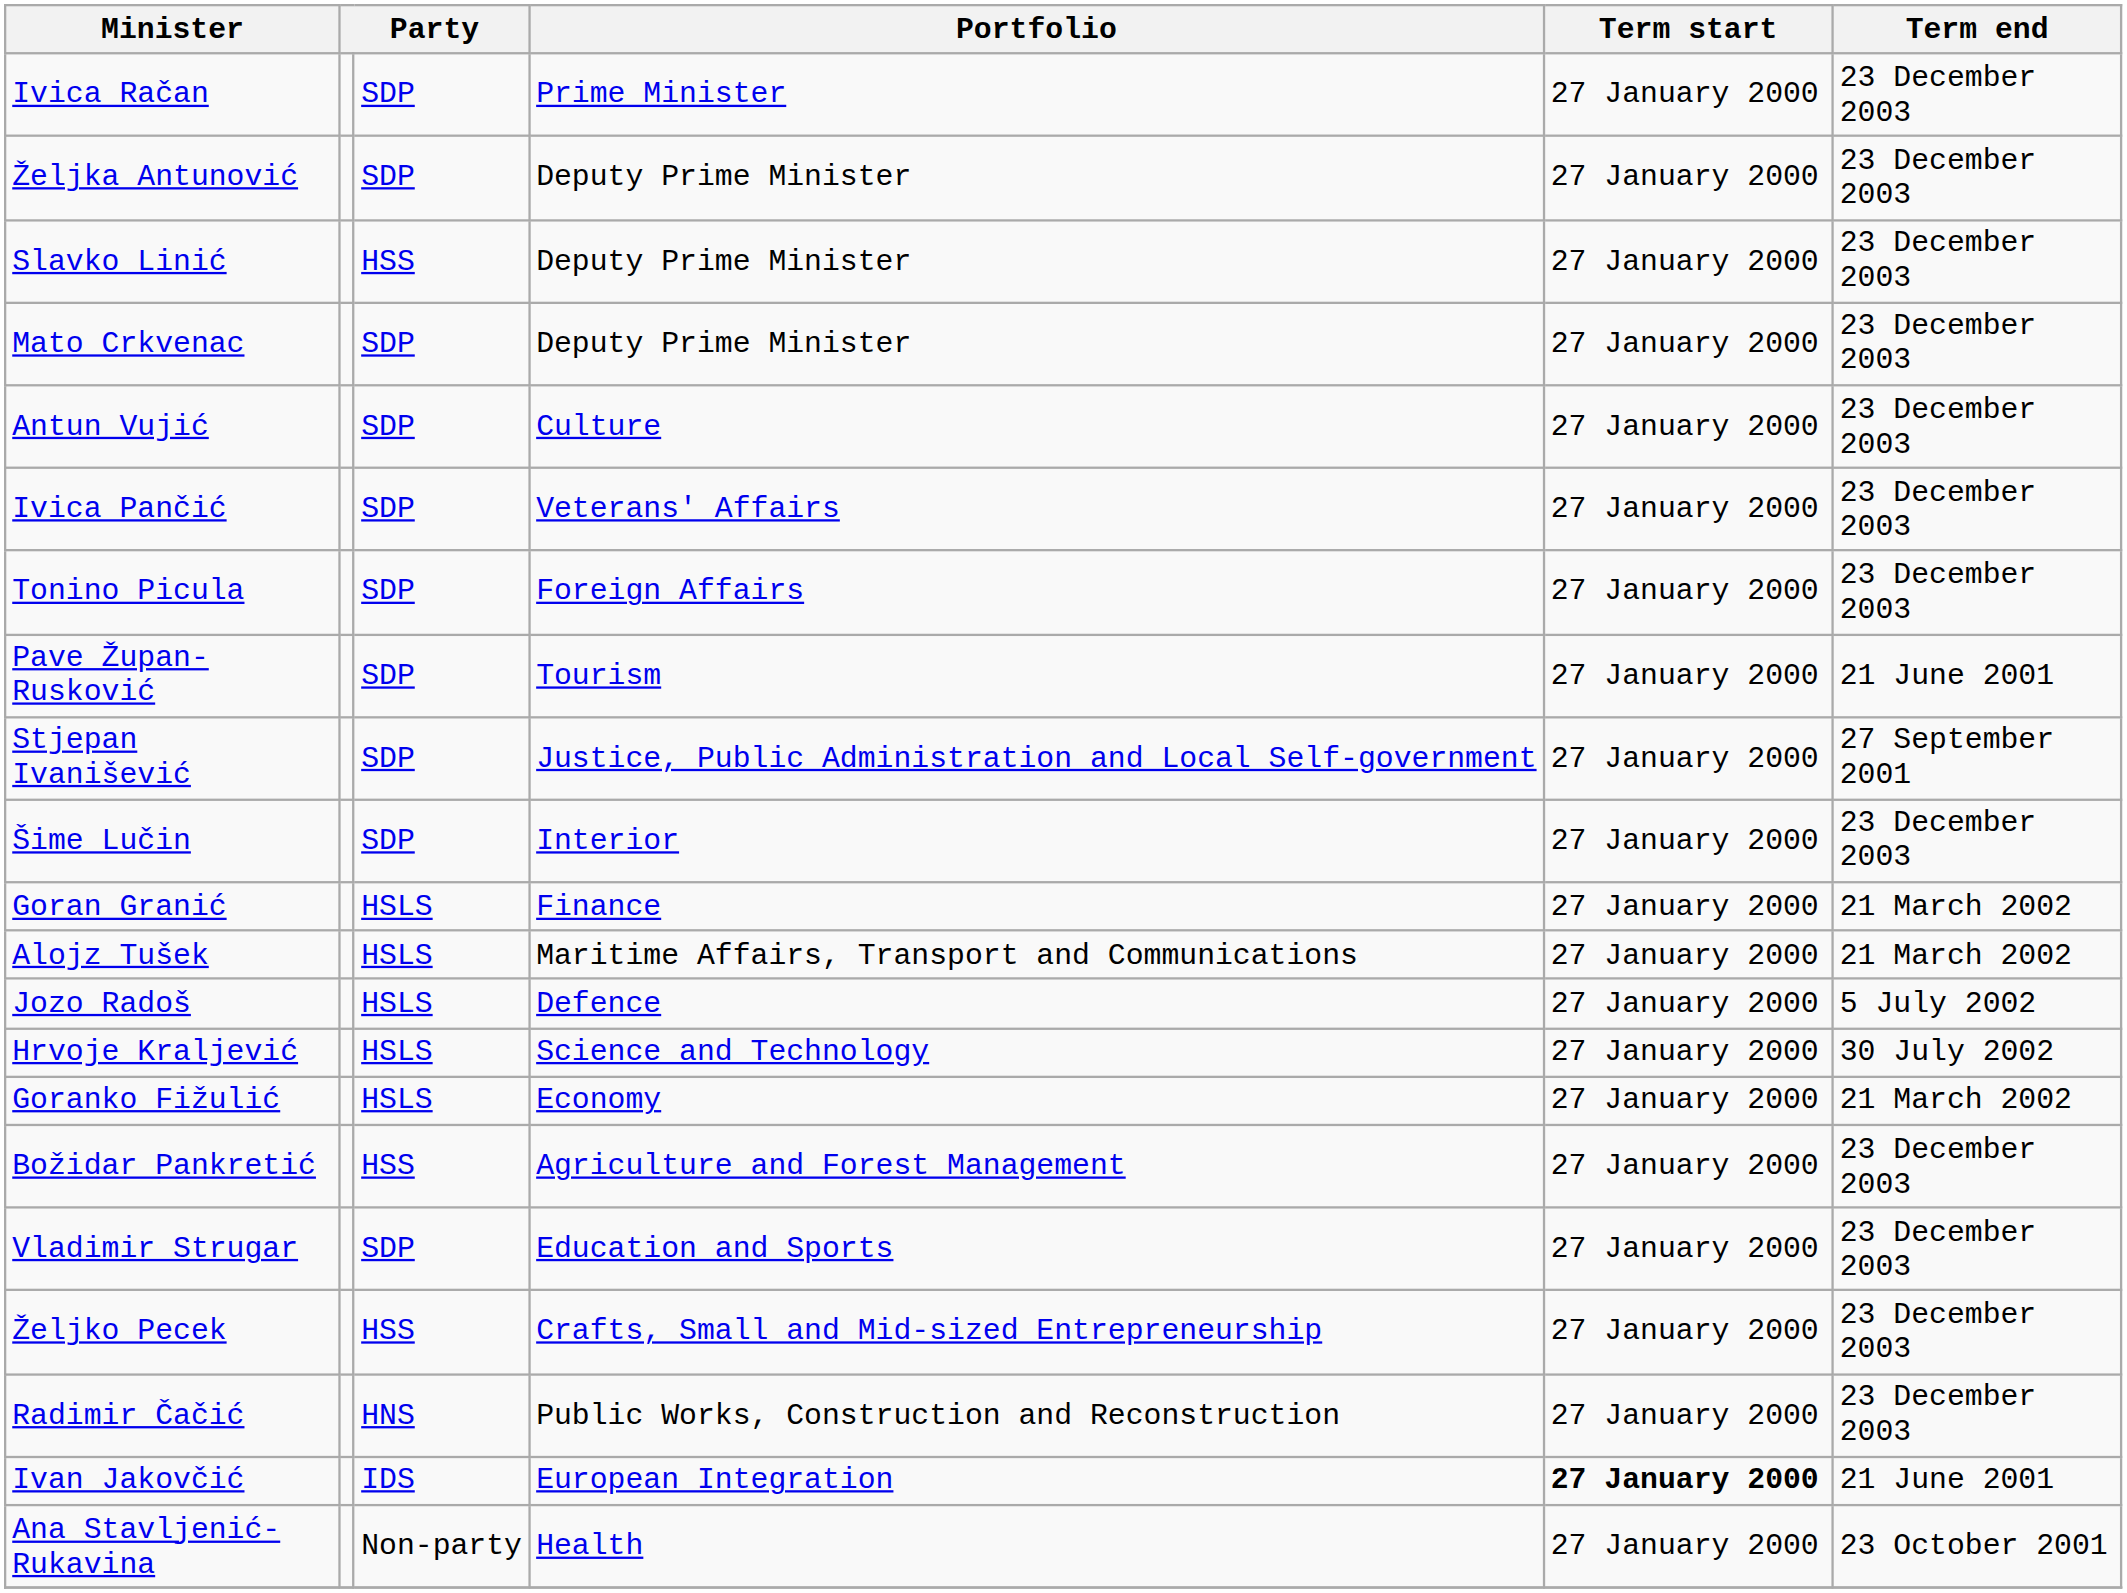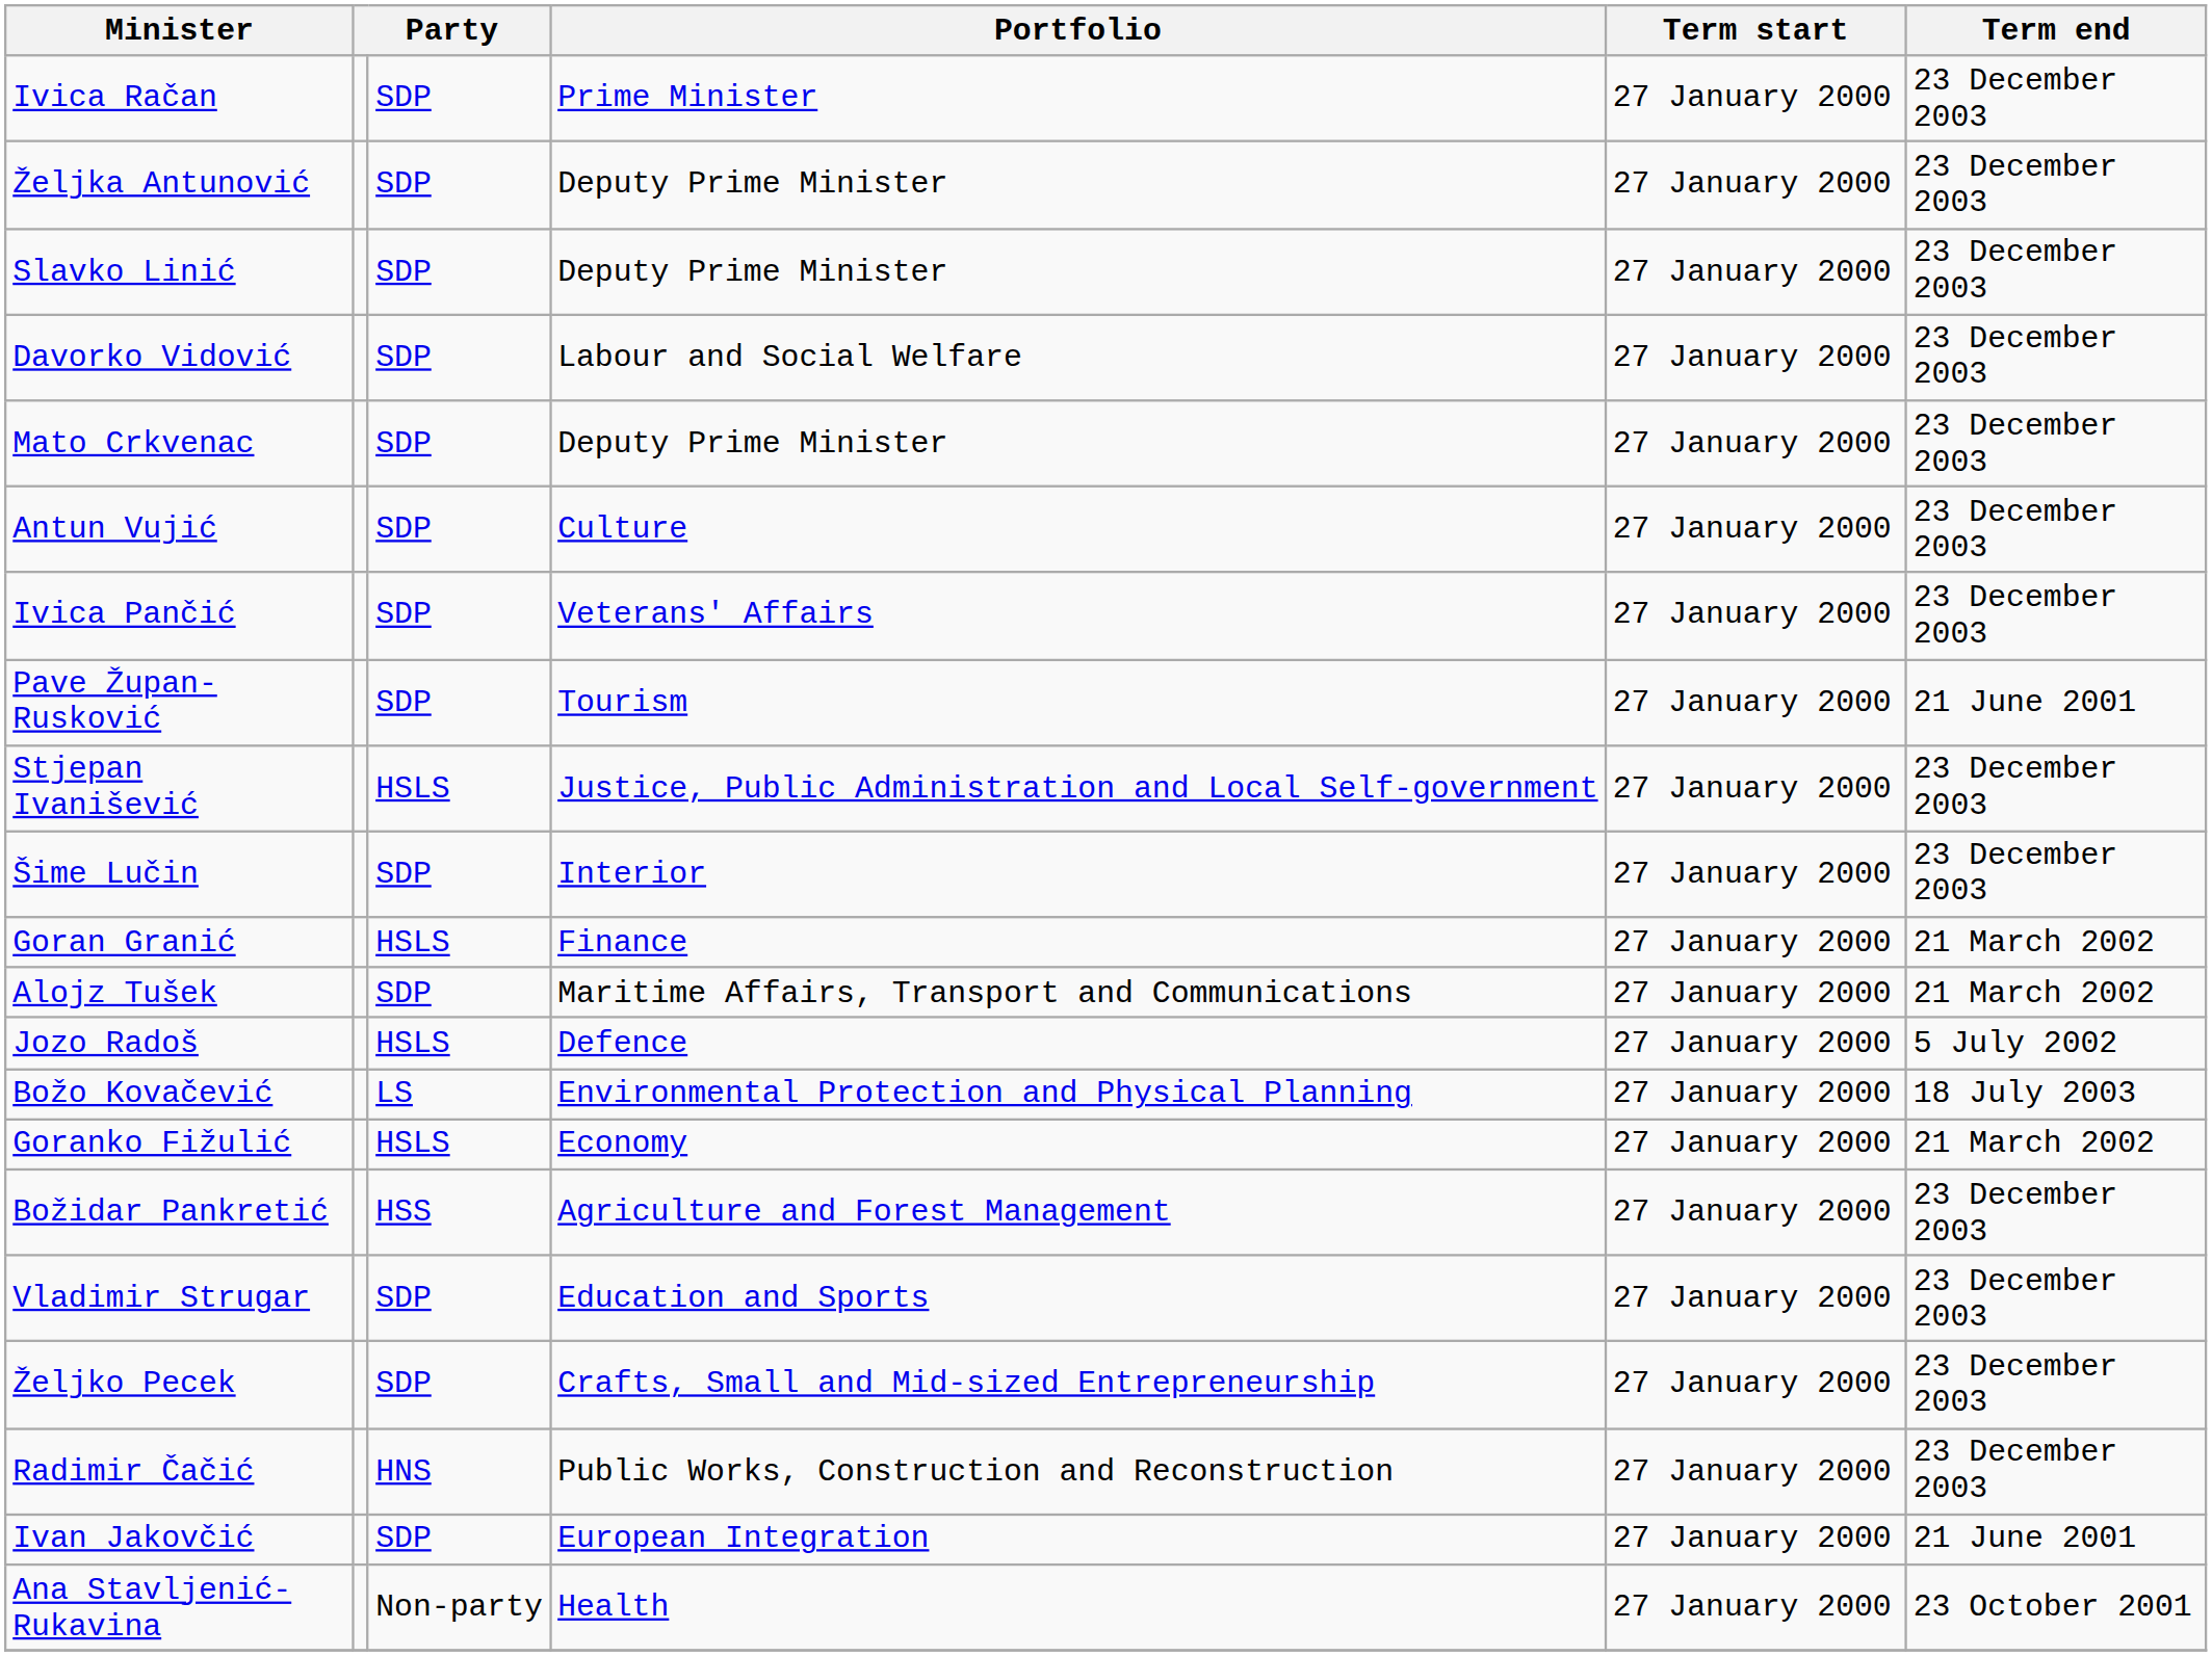 <table class="wikitable sortable">
 <tr>
 <th width="140">Minister</th>
 <th colspan=2 width="60">Party</th>
 <th>Portfolio</th>
 <th width="120">Term start</th>
 <th width="120">Term end</th>
 </tr>
 <tr>
 <td><a href='#'>Ivica Račan</a> </td>
 <td style="background-color: "></td>
 <td><a href='#'>SDP</a></td>
 <td><a href='#'>Prime Minister</a></td>
 <td>27 January 2000</td>
 <td>23 December 2003</td>
 </tr>
 <tr>
 <td><a href='#'>Željka Antunović</a> </td>
 <td style="background-color: "></td>
 <td><a href='#'>SDP</a></td>
 <td>Deputy Prime Minister</td>
 <td>27 January 2000</td>
 <td>23 December 2003</td>
 </tr>
 <tr>
 <td><a href='#'>Slavko Linić</a> </td>
 <td style="background-color: "></td>
-<td><a href='#'>HSS</a></td>
+<td><a href='#'>SDP</a></td>
 <td>Deputy Prime Minister</td>
+<td>27 January 2000</td>
+<td>23 December 2003</td>
+</tr>
+<tr>
+<td><a href='#'>Davorko Vidović</a></td>
+<td style="background-color: "></td>
+<td><a href='#'>SDP</a></td>
+<td>Labour and Social Welfare</td>
 <td>27 January 2000</td>
 <td>23 December 2003</td>
 </tr>
 <tr>
 <td><a href='#'>Mato Crkvenac</a></td>
 <td style="background-color: "></td>
 <td><a href='#'>SDP</a></td>
 <td>Deputy Prime Minister</td>
 <td>27 January 2000</td>
 <td>23 December 2003</td>
 </tr>
 <tr>
 <td><a href='#'>Antun Vujić</a></td>
 <td style="background-color: "></td>
 <td><a href='#'>SDP</a></td>
 <td><a href='#'>Culture</a></td>
 <td>27 January 2000</td>
 <td>23 December 2003</td>
 </tr>
 <tr>
 <td><a href='#'>Ivica Pančić</a></td>
 <td style="background-color: "></td>
 <td><a href='#'>SDP</a></td>
 <td><a href='#'>Veterans' Affairs</a></td>
 <td>27 January 2000</td>
 <td>23 December 2003</td>
 </tr>
 <tr>
-<td><a href='#'>Tonino Picula</a></td>
-<td style="background-color: "></td>
-<td><a href='#'>SDP</a></td>
-<td><a href='#'>Foreign Affairs</a></td>
-<td>27 January 2000</td>
-<td>23 December 2003</td>
-</tr>
-<tr>
 <td><a href='#'>Pave Župan-Rusković</a></td>
 <td style="background-color: "></td>
 <td><a href='#'>SDP</a></td>
 <td><a href='#'>Tourism</a></td>
 <td>27 January 2000</td>
 <td>21 June 2001</td>
 </tr>
 <tr>
 <td><a href='#'>Stjepan Ivanišević</a></td>
 <td style="background-color: "></td>
-<td><a href='#'>SDP</a></td>
+<td><a href='#'>HSLS</a></td>
 <td><a href='#'>Justice, Public Administration and Local Self-government</a></td>
 <td>27 January 2000</td>
-<td>27 September 2001</td>
+<td>23 December 2003</td>
 </tr>
 <tr>
 <td><a href='#'>Šime Lučin</a></td>
 <td style="background-color: "></td>
 <td><a href='#'>SDP</a></td>
 <td><a href='#'>Interior</a></td>
 <td>27 January 2000</td>
 <td>23 December 2003</td>
 </tr>
 <tr>
 <td><a href='#'>Goran Granić</a> </td>
 <td style="background-color: "></td>
 <td><a href='#'>HSLS</a></td>
 <td><a href='#'>Finance</a></td>
 <td>27 January 2000</td>
 <td>21 March 2002</td>
 </tr>
 <tr>
 <td><a href='#'>Alojz Tušek</a></td>
 <td style="background-color: "></td>
-<td><a href='#'>HSLS</a></td>
+<td><a href='#'>SDP</a></td>
 <td>Maritime Affairs, Transport and Communications</td>
 <td>27 January 2000</td>
 <td>21 March 2002</td>
 </tr>
 <tr>
 <td><a href='#'>Jozo Radoš</a></td>
 <td style="background-color: "></td>
 <td><a href='#'>HSLS</a></td>
 <td><a href='#'>Defence</a></td>
 <td>27 January 2000</td>
 <td>5 July 2002</td>
 </tr>
 <tr>
-<td><a href='#'>Hrvoje Kraljević</a></td>
+<td><a href='#'>Božo Kovačević</a></td>
 <td style="background-color: "></td>
-<td><a href='#'>HSLS</a></td>
-<td><a href='#'>Science and Technology</a></td>
+<td><a href='#'>LS</a></td>
+<td><a href='#'>Environmental Protection and Physical Planning</a></td>
 <td>27 January 2000</td>
-<td>30 July 2002</td>
+<td>18 July 2003</td>
 </tr>
 <tr>
 <td><a href='#'>Goranko Fižulić</a></td>
 <td style="background-color: "></td>
 <td><a href='#'>HSLS</a></td>
 <td><a href='#'>Economy</a></td>
 <td>27 January 2000</td>
 <td>21 March 2002</td>
 </tr>
 <tr>
 <td><a href='#'>Božidar Pankretić</a></td>
 <td style="background-color: "></td>
 <td><a href='#'>HSS</a></td>
 <td><a href='#'>Agriculture and Forest Management</a></td>
 <td>27 January 2000</td>
 <td>23 December 2003</td>
 </tr>
 <tr>
 <td><a href='#'>Vladimir Strugar</a></td>
 <td style="background-color: "></td>
 <td><a href='#'>SDP</a></td>
 <td><a href='#'>Education and Sports</a></td>
 <td>27 January 2000</td>
 <td>23 December 2003</td>
 </tr>
 <tr>
 <td><a href='#'>Željko Pecek</a></td>
 <td style="background-color: "></td>
-<td><a href='#'>HSS</a></td>
+<td><a href='#'>SDP</a></td>
 <td><a href='#'>Crafts, Small and Mid-sized Entrepreneurship</a></td>
 <td>27 January 2000</td>
 <td>23 December 2003</td>
 </tr>
 <tr>
 <td><a href='#'>Radimir Čačić</a></td>
 <td style="background-color: "></td>
 <td><a href='#'>HNS</a></td>
 <td>Public Works, Construction and Reconstruction</td>
 <td>27 January 2000</td>
 <td>23 December 2003</td>
 </tr>
 <tr>
 <td><a href='#'>Ivan Jakovčić</a></td>
 <td style="background-color: "></td>
-<td><a href='#'>IDS</a></td>
+<td><a href='#'>SDP</a></td>
 <td><a href='#'>European Integration</a></td>
-<td><strong>27 January 2000</strong></td>
+<td>27 January 2000</td>
 <td>21 June 2001</td>
 </tr>
 <tr>
 <td><a href='#'>Ana Stavljenić-Rukavina</a></td>
 <td style="background-color: "></td>
 <td>Non-party</td>
 <td><a href='#'>Health</a></td>
 <td>27 January 2000</td>
 <td>23 October 2001</td>
 </tr>
 <tr>
 </tr>
 </table>
